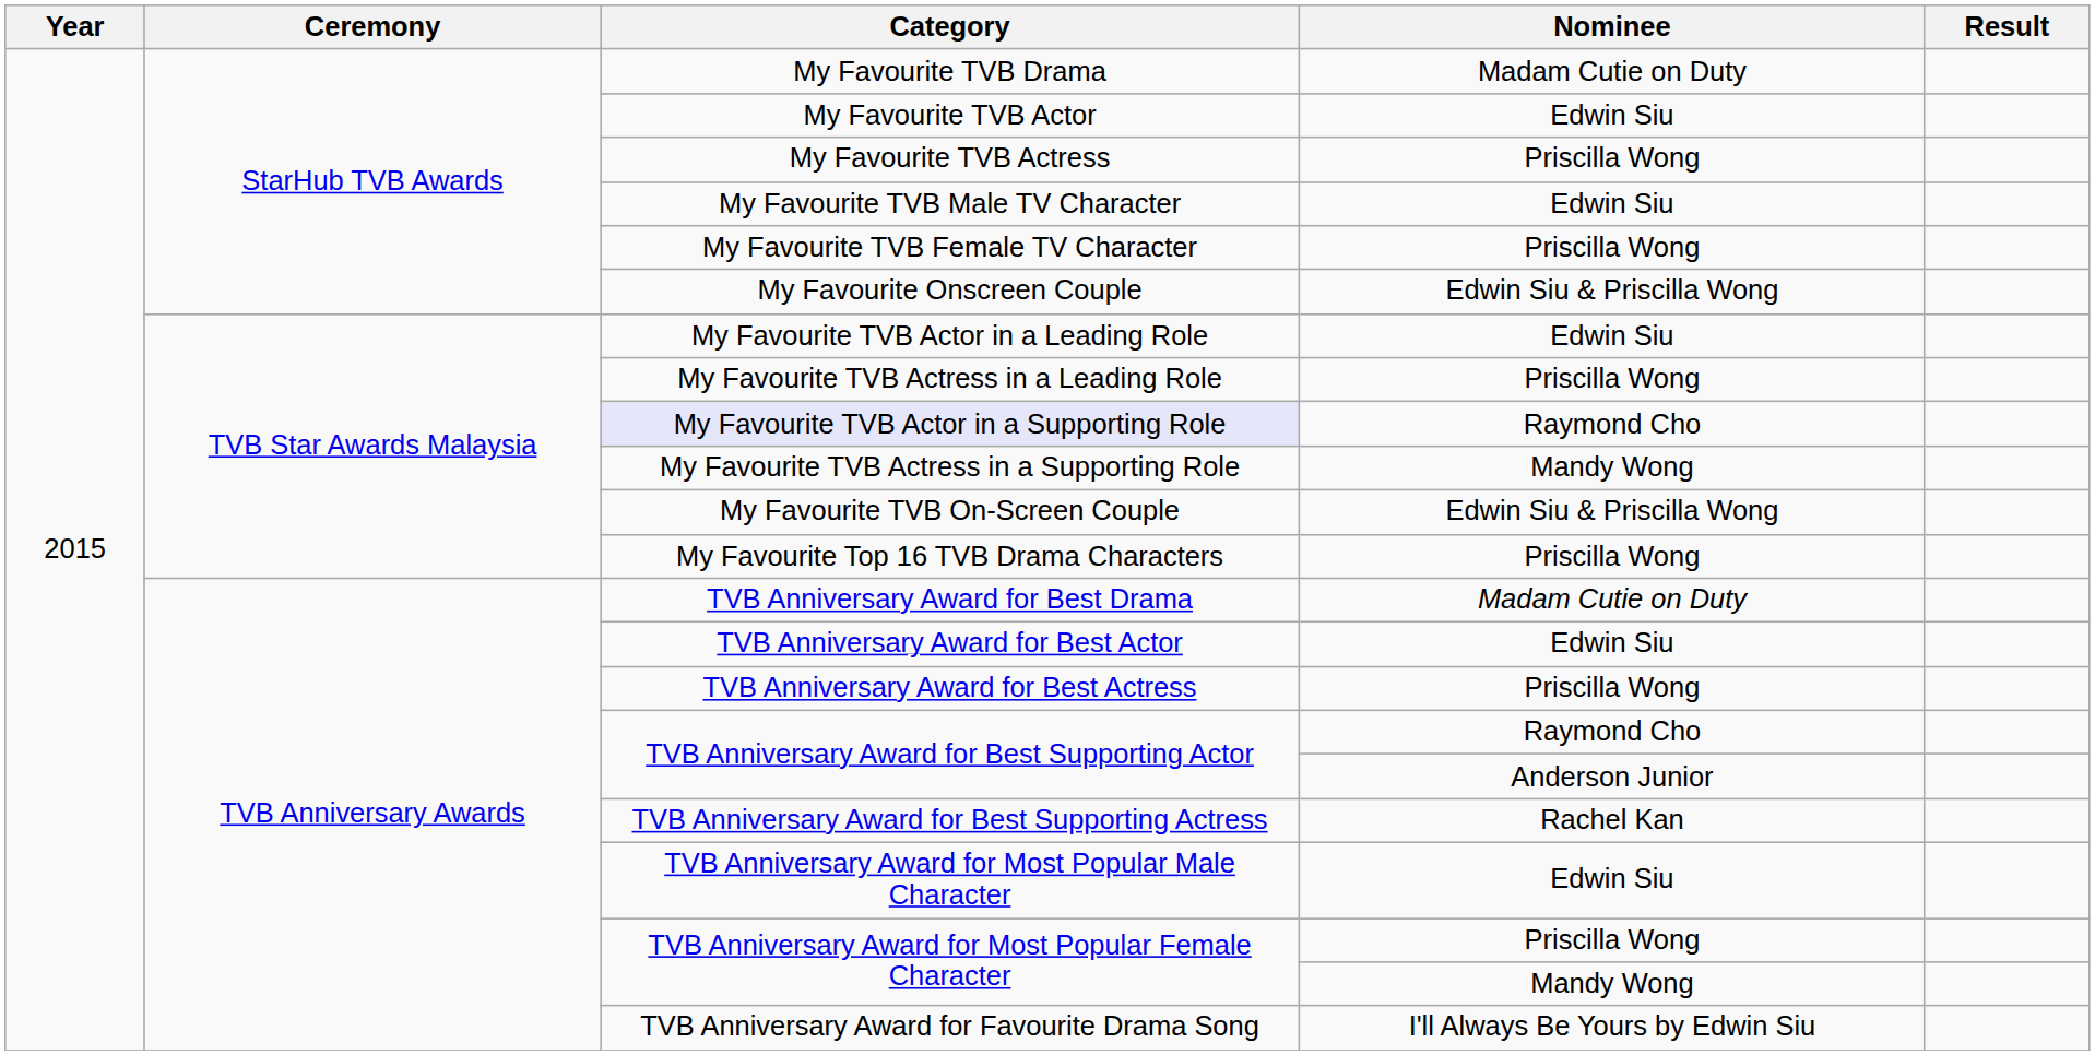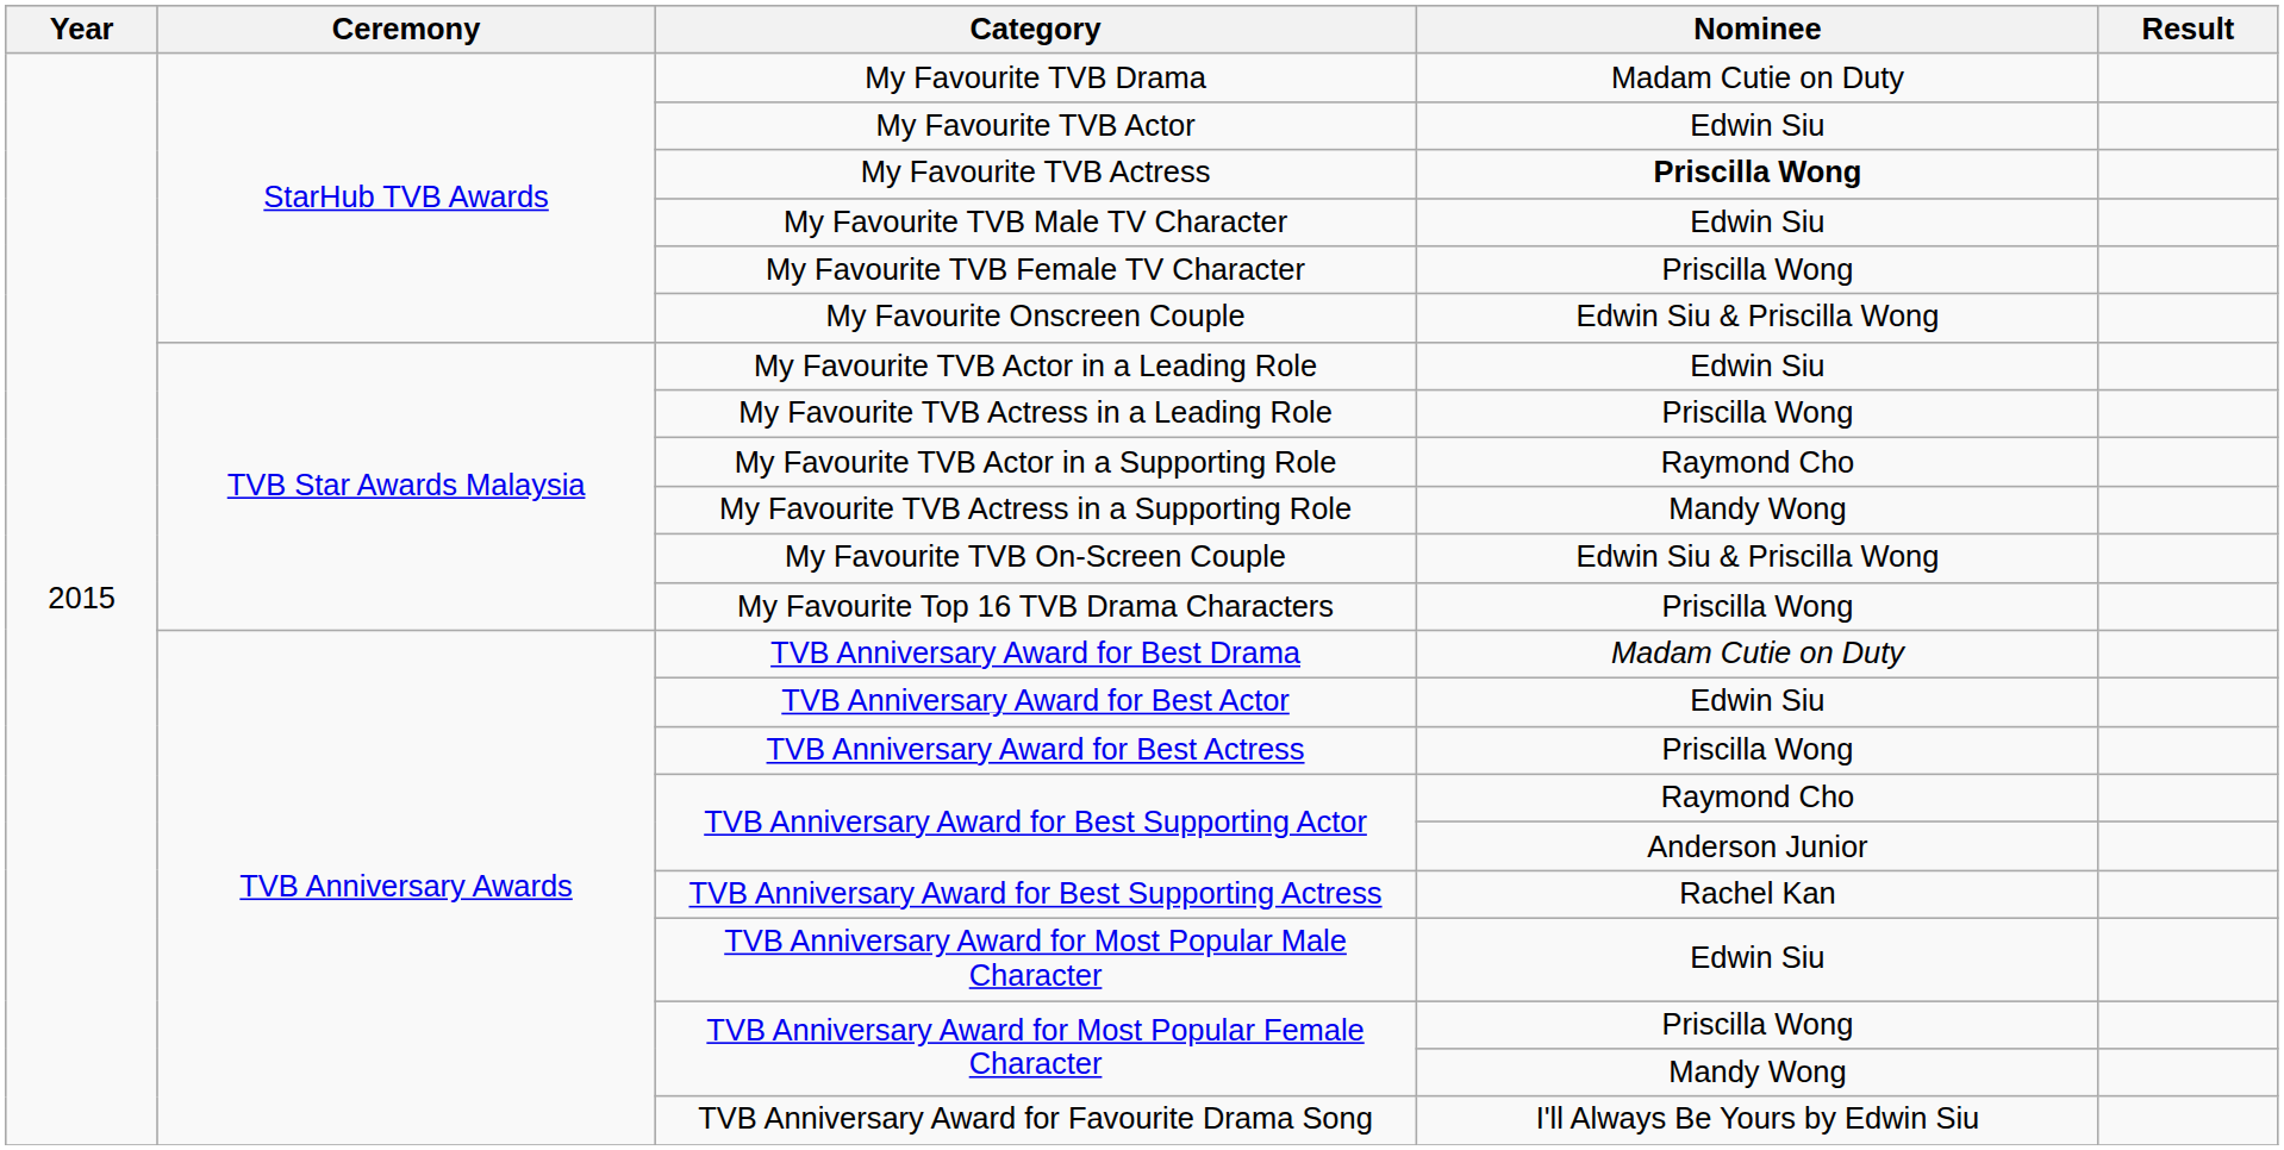 <table class="wikitable" style="width:95%;">
 <tr>
 <th style="width:50px;">Year</th>
 <th style="width:180px;">Ceremony</th>
 <th style="width:280px;">Category</th>
 <th style="width:250px;">Nominee</th>
 <th style="width:60px;">Result</th>
 </tr>
 <tr>
 <td align="center" rowspan=22>2015</td>
 <td align="center" rowspan=6><a href='#'>StarHub TVB Awards</a><br></td>
 <td align="center">My Favourite TVB Drama</td>
 <td align="center">Madam Cutie on Duty</td>
 <td></td>
 </tr>
 <tr>
 <td align="center">My Favourite TVB Actor</td>
 <td align="center">Edwin Siu</td>
 <td></td>
 </tr>
 <tr>
 <td align="center">My Favourite TVB Actress</td>
-<td align="center">Priscilla Wong</td>
+<td align="center"><strong>Priscilla Wong</strong></td>
 <td></td>
 </tr>
 <tr>
 <td align="center">My Favourite TVB Male TV Character</td>
 <td align="center">Edwin Siu</td>
 <td></td>
 </tr>
 <tr>
 <td align="center">My Favourite TVB Female TV Character</td>
 <td align="center">Priscilla Wong</td>
 <td></td>
 </tr>
 <tr>
 <td align="center">My Favourite Onscreen Couple</td>
 <td align="center">Edwin Siu & Priscilla Wong</td>
 <td></td>
 </tr>
 <tr>
 <td align="center" rowspan=6><a href='#'>TVB Star Awards Malaysia</a></td>
 <td align="center">My Favourite TVB Actor in a Leading Role</td>
 <td align="center">Edwin Siu</td>
 <td></td>
 </tr>
 <tr>
 <td align="center">My Favourite TVB Actress in a Leading Role</td>
 <td align="center">Priscilla Wong</td>
 <td></td>
 </tr>
 <tr>
-<td align="center" style="background: lavender;">My Favourite TVB Actor in a Supporting Role</td>
+<td align="center">My Favourite TVB Actor in a Supporting Role</td>
 <td align="center">Raymond Cho</td>
 <td></td>
 </tr>
 <tr>
 <td align="center">My Favourite TVB Actress in a Supporting Role</td>
 <td align="center">Mandy Wong</td>
 <td></td>
 </tr>
 <tr>
 <td align="center">My Favourite TVB On-Screen Couple</td>
 <td align="center">Edwin Siu & Priscilla Wong</td>
 <td></td>
 </tr>
 <tr>
 <td align="center">My Favourite Top 16 TVB Drama Characters</td>
 <td align="center">Priscilla Wong</td>
 <td></td>
 </tr>
 <tr>
 <td align="center" rowspan=10><a href='#'>TVB Anniversary Awards</a></td>
 <td align="center"><a href='#'>TVB Anniversary Award for Best Drama</a></td>
 <td align="center"><em>Madam Cutie on Duty</em></td>
 <td></td>
 </tr>
 <tr>
 <td align="center"><a href='#'>TVB Anniversary Award for Best Actor</a></td>
 <td align="center">Edwin Siu</td>
 <td></td>
 </tr>
 <tr>
 <td align="center"><a href='#'>TVB Anniversary Award for Best Actress</a></td>
 <td align="center">Priscilla Wong</td>
 <td></td>
 </tr>
 <tr>
 <td rowspan=2 align="center"><a href='#'>TVB Anniversary Award for Best Supporting Actor</a></td>
 <td align="center">Raymond Cho</td>
 <td></td>
 </tr>
 <tr>
 <td align="center">Anderson Junior</td>
 <td></td>
 </tr>
 <tr>
 <td align="center"><a href='#'>TVB Anniversary Award for Best Supporting Actress</a></td>
 <td align="center">Rachel Kan</td>
 <td></td>
 </tr>
 <tr>
 <td align="center"><a href='#'>TVB Anniversary Award for Most Popular Male Character</a></td>
 <td align="center">Edwin Siu</td>
 <td></td>
 </tr>
 <tr>
 <td rowspan=2 align="center"><a href='#'>TVB Anniversary Award for Most Popular Female Character</a></td>
 <td align="center">Priscilla Wong</td>
 <td></td>
 </tr>
 <tr>
 <td align="center">Mandy Wong</td>
 <td></td>
 </tr>
 <tr>
 <td align="center">TVB Anniversary Award for Favourite Drama Song</td>
 <td align="center">I'll Always Be Yours by Edwin Siu</td>
 <td></td>
 </tr>
 </table>
